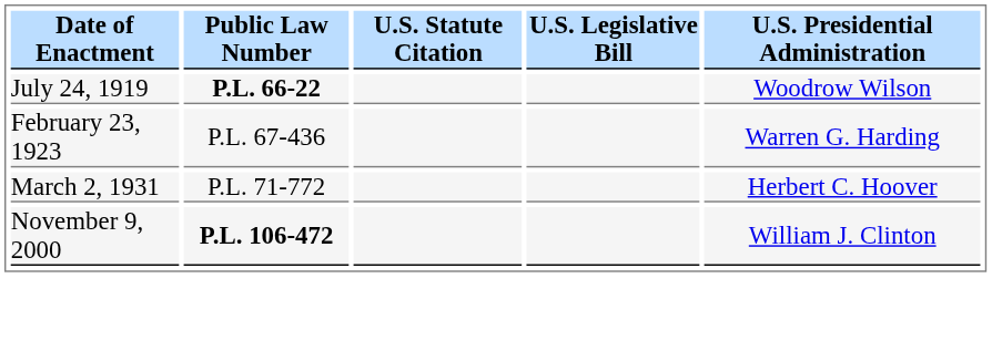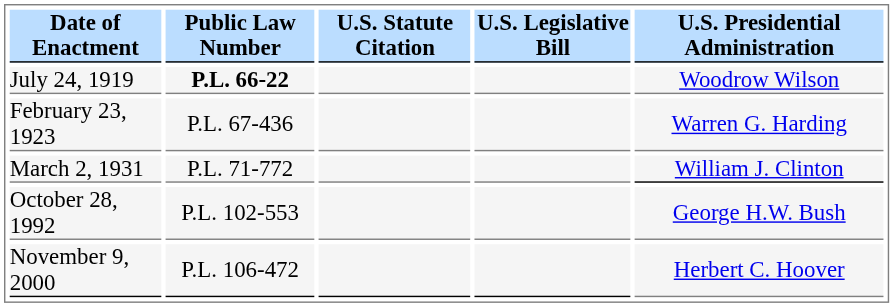 <table style="border:1px solid gray; align:left; width:70%" cellspacing=3 cellpadding=0>
 <tr style="font-weight:bold; text-align:center; background:#bbddff; color:black;">
 <th style=" border-bottom:1.5px solid black">Date of Enactment</th>
 <th style=" border-bottom:1.5px solid black">Public Law Number</th>
 <th style=" border-bottom:1.5px solid black">U.S. Statute Citation</th>
 <th style=" border-bottom:1.5px solid black">U.S. Legislative Bill</th>
 <th style=" border-bottom:1.5px solid black">U.S. Presidential Administration</th>
 </tr>
 <tr>
 <td style="border-bottom:1px solid gray; background:#F5F5F5;">July 24, 1919</td>
 <td style="border-bottom:1px solid gray; background:#F5F5F5; text-align:center;"><strong>P.L. 66-22</strong></td>
 <td style="border-bottom:1px solid gray; background:#F5F5F5; text-align:center;"></td>
 <td style="border-bottom:1px solid gray; background:#F5F5F5; text-align:center;"></td>
 <td style="border-bottom:1px solid gray; background:#F5F5F5; text-align:center;"><a href='#'>Woodrow Wilson</a></td>
 </tr>
 <tr>
 <td style="border-bottom:1px solid gray; background:#F5F5F5;">February 23, 1923</td>
 <td style="border-bottom:1px solid gray; background:#F5F5F5; text-align:center;">P.L. 67-436</td>
 <td style="border-bottom:1px solid gray; background:#F5F5F5; text-align:center;"></td>
 <td style="border-bottom:1px solid gray; background:#F5F5F5; text-align:center;"></td>
 <td style="border-bottom:1px solid gray; background:#F5F5F5; text-align:center;"><a href='#'>Warren G. Harding</a></td>
 </tr>
 <tr>
 <td style="border-bottom:1px solid gray; background:#F5F5F5;">March 2, 1931</td>
 <td style="border-bottom:1px solid gray; background:#F5F5F5; text-align:center;">P.L. 71-772</td>
 <td style="border-bottom:1px solid gray; background:#F5F5F5; text-align:center;"></td>
 <td style="border-bottom:1px solid gray; background:#F5F5F5; text-align:center;"></td>
-<td style="border-bottom:1px solid gray; background:#F5F5F5; text-align:center;"><a href='#'>Herbert C. Hoover</a></td>
+<td style="border-bottom:1.5px solid black; background:#F5F5F5; text-align:center;"><a href='#'>William J. Clinton</a></td>
+</tr>
+<tr>
+<td style="border-bottom:1px solid gray; background:#F5F5F5;">October 28, 1992</td>
+<td style="border-bottom:1px solid gray; background:#F5F5F5; text-align:center;">P.L. 102-553</td>
+<td style="border-bottom:1px solid gray; background:#F5F5F5; text-align:center;"></td>
+<td style="border-bottom:1px solid gray; background:#F5F5F5; text-align:center;"></td>
+<td style="border-bottom:1px solid gray; background:#F5F5F5; text-align:center;"><a href='#'>George H.W. Bush</a></td>
 </tr>
 <tr>
 <td style="border-bottom:1.5px solid black; background:#F5F5F5;">November 9, 2000</td>
-<td style="border-bottom:1.5px solid black; background:#F5F5F5; text-align:center;"><strong>P.L. 106-472</strong></td>
+<td style="border-bottom:1.5px solid black; background:#F5F5F5; text-align:center;">P.L. 106-472</td>
 <td style="border-bottom:1.5px solid black; background:#F5F5F5; text-align:center;"></td>
 <td style="border-bottom:1.5px solid black; background:#F5F5F5; text-align:center;"></td>
-<td style="border-bottom:1.5px solid black; background:#F5F5F5; text-align:center;"><a href='#'>William J. Clinton</a></td>
+<td style="border-bottom:1px solid gray; background:#F5F5F5; text-align:center;"><a href='#'>Herbert C. Hoover</a></td>
 </tr>
 </table>
